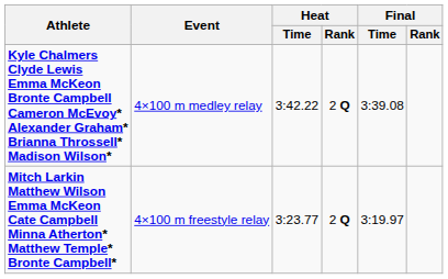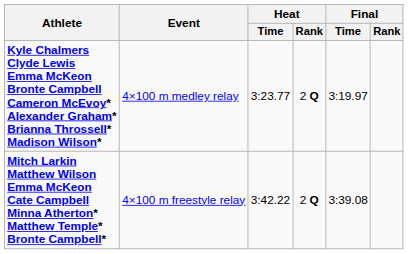 <table class="wikitable" style="text-align:center; font-size:90%">
 <tr>
 <th rowspan=2>Athlete</th>
 <th rowspan=2>Event</th>
 <th colspan=2>Heat</th>
 <th colspan=2>Final</th>
 </tr>
 <tr style="font-size:95%">
 <th>Time</th>
 <th>Rank</th>
 <th>Time</th>
 <th>Rank</th>
 </tr>
 <tr>
 <td align=left><strong><a href='#'>Kyle Chalmers</a><br><a href='#'>Clyde Lewis</a><br><a href='#'>Emma McKeon</a><br><a href='#'>Bronte Campbell</a><br><a href='#'>Cameron McEvoy</a>*<br><a href='#'>Alexander Graham</a>*<br><a href='#'>Brianna Throssell</a>*<br><a href='#'>Madison Wilson</a>*</strong></td>
 <td align=left><a href='#'>4×100 m medley relay</a></td>
+<td>3:23.77</td>
+<td>2 <strong>Q</strong></td>
+<td>3:19.97</td>
+<td></td>
+</tr>
+<tr>
+<td align=left><strong><a href='#'>Mitch Larkin</a><br><a href='#'>Matthew Wilson</a><br><a href='#'>Emma McKeon</a><br><a href='#'>Cate Campbell</a><br><a href='#'>Minna Atherton</a>*<br><a href='#'>Matthew Temple</a>*<br><a href='#'>Bronte Campbell</a>*</strong></td>
+<td align=left><a href='#'>4×100 m freestyle relay</a></td>
 <td>3:42.22</td>
 <td>2 <strong>Q</strong></td>
 <td>3:39.08</td>
 <td></td>
 </tr>
-<tr>
-<td align=left><strong><a href='#'>Mitch Larkin</a><br><a href='#'>Matthew Wilson</a><br><a href='#'>Emma McKeon</a><br><a href='#'>Cate Campbell</a><br><a href='#'>Minna Atherton</a>*<br><a href='#'>Matthew Temple</a>*<br><a href='#'>Bronte Campbell</a>*</strong></td>
-<td align=left><a href='#'>4×100 m freestyle relay</a></td>
-<td>3:23.77</td>
-<td>2 <strong>Q</strong></td>
-<td>3:19.97</td>
-<td></td>
-</tr>
 </table>
